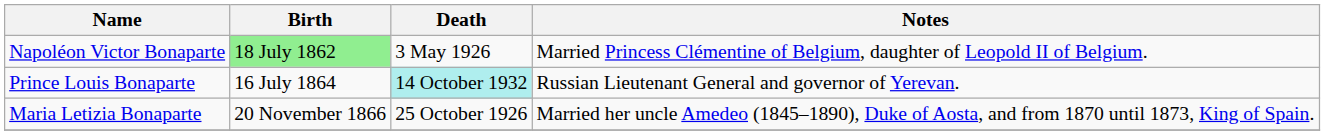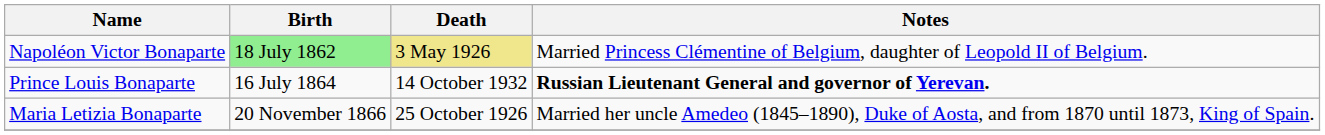 <table class="wikitable sortable">
 <tr>
 <th>Name</th>
 <th>Birth</th>
 <th>Death</th>
 <th>Notes</th>
 </tr>
 <tr>
 <td><a href='#'>Napoléon Victor Bonaparte</a></td>
 <td style="background: lightgreen;">18 July 1862</td>
-<td>3 May 1926</td>
+<td style="background: khaki;">3 May 1926</td>
 <td>Married <a href='#'>Princess Clémentine of Belgium</a>, daughter of <a href='#'>Leopold II of Belgium</a>.</td>
 </tr>
 <tr>
 <td><a href='#'>Prince Louis Bonaparte</a></td>
 <td>16 July 1864</td>
-<td style="background: paleturquoise;">14 October 1932</td>
-<td>Russian Lieutenant General and governor of <a href='#'>Yerevan</a>.</td>
+<td>14 October 1932</td>
+<td><strong>Russian Lieutenant General and governor of <a href='#'>Yerevan</a>.</strong></td>
 </tr>
 <tr>
 <td><a href='#'>Maria Letizia Bonaparte</a></td>
 <td>20 November 1866</td>
 <td>25 October 1926</td>
 <td>Married her uncle <a href='#'>Amedeo</a> (1845–1890), <a href='#'>Duke of Aosta</a>, and from 1870 until 1873, <a href='#'>King of Spain</a>.</td>
 </tr>
 <tr>
 </tr>
 </table>
